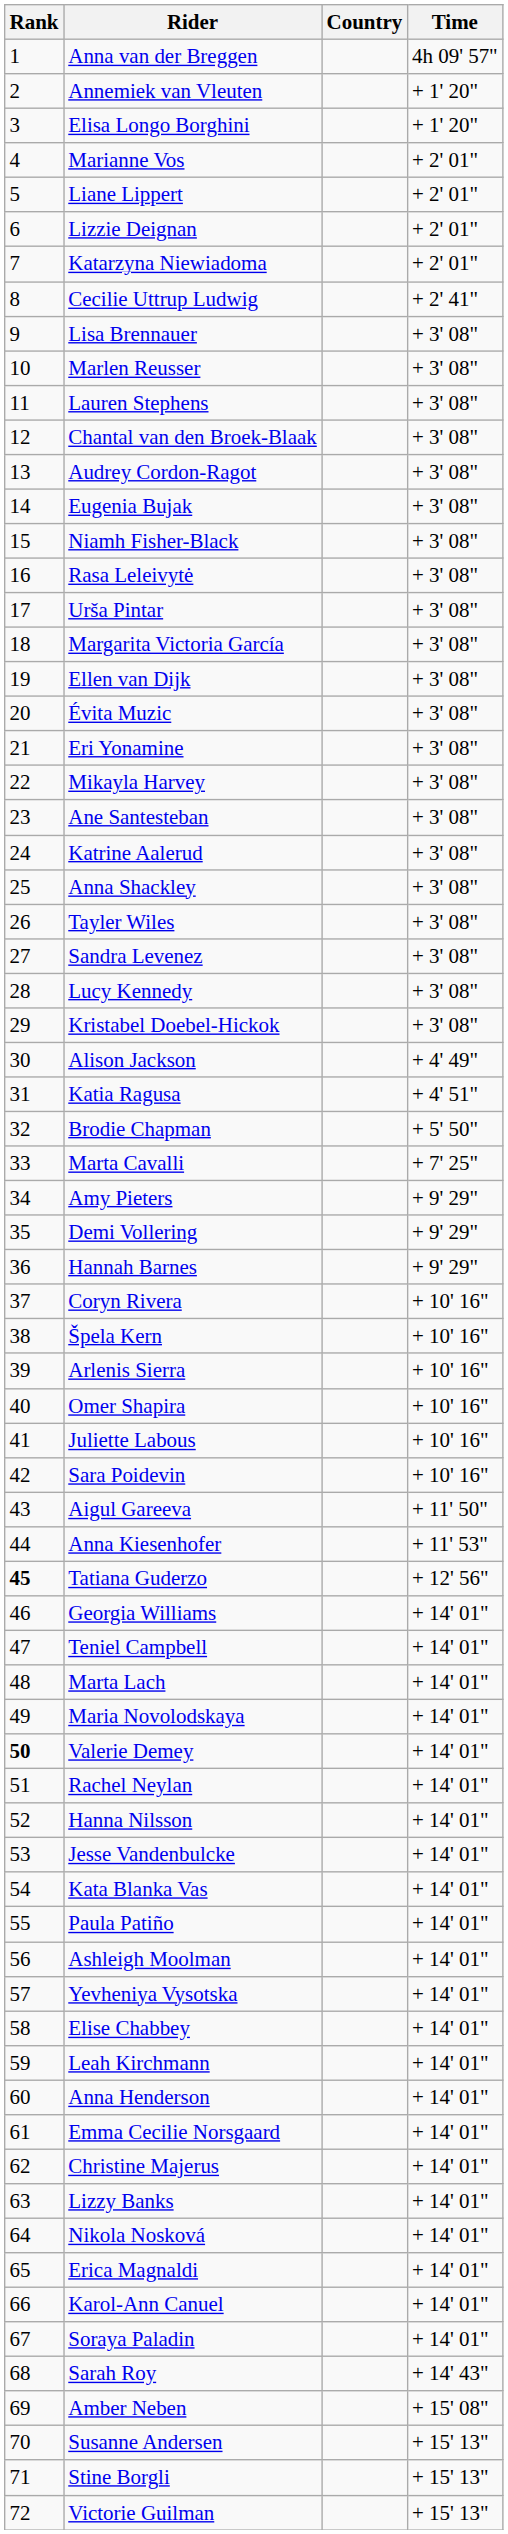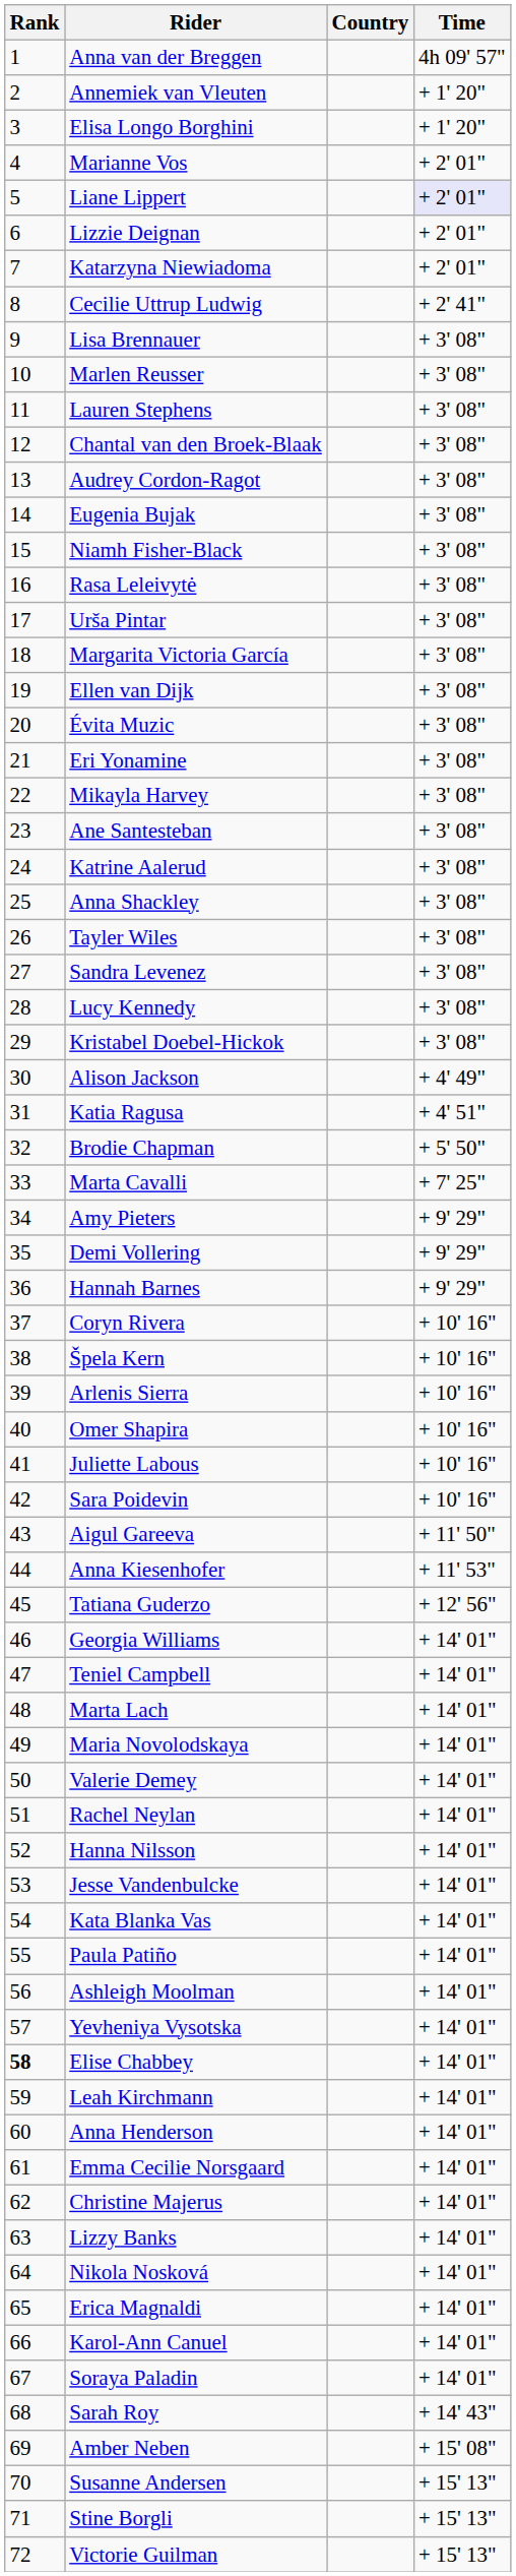 <table class="wikitable sortable" style="font-size:95%; text-align:left;">
 <tr>
 <th>Rank</th>
 <th>Rider</th>
 <th>Country</th>
 <th>Time</th>
 </tr>
 <tr>
 <td>1</td>
 <td><a href='#'>Anna van der Breggen</a></td>
 <td></td>
 <td>4h 09' 57"</td>
 </tr>
 <tr>
 <td>2</td>
 <td><a href='#'>Annemiek van Vleuten</a></td>
 <td></td>
 <td>+ 1' 20"</td>
 </tr>
 <tr>
 <td>3</td>
 <td><a href='#'>Elisa Longo Borghini</a></td>
 <td></td>
 <td>+ 1' 20"</td>
 </tr>
 <tr>
 <td>4</td>
 <td><a href='#'>Marianne Vos</a></td>
 <td></td>
 <td>+ 2' 01"</td>
 </tr>
 <tr>
 <td>5</td>
 <td><a href='#'>Liane Lippert</a></td>
 <td></td>
-<td>+ 2' 01"</td>
+<td style="background: lavender;">+ 2' 01"</td>
 </tr>
 <tr>
 <td>6</td>
 <td><a href='#'>Lizzie Deignan</a></td>
 <td></td>
 <td>+ 2' 01"</td>
 </tr>
 <tr>
 <td>7</td>
 <td><a href='#'>Katarzyna Niewiadoma</a></td>
 <td></td>
 <td>+ 2' 01"</td>
 </tr>
 <tr>
 <td>8</td>
 <td><a href='#'>Cecilie Uttrup Ludwig</a></td>
 <td></td>
 <td>+ 2' 41"</td>
 </tr>
 <tr>
 <td>9</td>
 <td><a href='#'>Lisa Brennauer</a></td>
 <td></td>
 <td>+ 3' 08"</td>
 </tr>
 <tr>
 <td>10</td>
 <td><a href='#'>Marlen Reusser</a></td>
 <td></td>
 <td>+ 3' 08"</td>
 </tr>
 <tr>
 <td>11</td>
 <td><a href='#'>Lauren Stephens</a></td>
 <td></td>
 <td>+ 3' 08"</td>
 </tr>
 <tr>
 <td>12</td>
 <td><a href='#'>Chantal van den Broek-Blaak</a></td>
 <td></td>
 <td>+ 3' 08"</td>
 </tr>
 <tr>
 <td>13</td>
 <td><a href='#'>Audrey Cordon-Ragot</a></td>
 <td></td>
 <td>+ 3' 08"</td>
 </tr>
 <tr>
 <td>14</td>
 <td><a href='#'>Eugenia Bujak</a></td>
 <td></td>
 <td>+ 3' 08"</td>
 </tr>
 <tr>
 <td>15</td>
 <td><a href='#'>Niamh Fisher-Black</a></td>
 <td></td>
 <td>+ 3' 08"</td>
 </tr>
 <tr>
 <td>16</td>
 <td><a href='#'>Rasa Leleivytė</a></td>
 <td></td>
 <td>+ 3' 08"</td>
 </tr>
 <tr>
 <td>17</td>
 <td><a href='#'>Urša Pintar</a></td>
 <td></td>
 <td>+ 3' 08"</td>
 </tr>
 <tr>
 <td>18</td>
 <td><a href='#'>Margarita Victoria García</a></td>
 <td></td>
 <td>+ 3' 08"</td>
 </tr>
 <tr>
 <td>19</td>
 <td><a href='#'>Ellen van Dijk</a></td>
 <td></td>
 <td>+ 3' 08"</td>
 </tr>
 <tr>
 <td>20</td>
 <td><a href='#'>Évita Muzic</a></td>
 <td></td>
 <td>+ 3' 08"</td>
 </tr>
 <tr>
 <td>21</td>
 <td><a href='#'>Eri Yonamine</a></td>
 <td></td>
 <td>+ 3' 08"</td>
 </tr>
 <tr>
 <td>22</td>
 <td><a href='#'>Mikayla Harvey</a></td>
 <td></td>
 <td>+ 3' 08"</td>
 </tr>
 <tr>
 <td>23</td>
 <td><a href='#'>Ane Santesteban</a></td>
 <td></td>
 <td>+ 3' 08"</td>
 </tr>
 <tr>
 <td>24</td>
 <td><a href='#'>Katrine Aalerud</a></td>
 <td></td>
 <td>+ 3' 08"</td>
 </tr>
 <tr>
 <td>25</td>
 <td><a href='#'>Anna Shackley</a></td>
 <td></td>
 <td>+ 3' 08"</td>
 </tr>
 <tr>
 <td>26</td>
 <td><a href='#'>Tayler Wiles</a></td>
 <td></td>
 <td>+ 3' 08"</td>
 </tr>
 <tr>
 <td>27</td>
 <td><a href='#'>Sandra Levenez</a></td>
 <td></td>
 <td>+ 3' 08"</td>
 </tr>
 <tr>
 <td>28</td>
 <td><a href='#'>Lucy Kennedy</a></td>
 <td></td>
 <td>+ 3' 08"</td>
 </tr>
 <tr>
 <td>29</td>
 <td><a href='#'>Kristabel Doebel-Hickok</a></td>
 <td></td>
 <td>+ 3' 08"</td>
 </tr>
 <tr>
 <td>30</td>
 <td><a href='#'>Alison Jackson</a></td>
 <td></td>
 <td>+ 4' 49"</td>
 </tr>
 <tr>
 <td>31</td>
 <td><a href='#'>Katia Ragusa</a></td>
 <td></td>
 <td>+ 4' 51"</td>
 </tr>
 <tr>
 <td>32</td>
 <td><a href='#'>Brodie Chapman</a></td>
 <td></td>
 <td>+ 5' 50"</td>
 </tr>
 <tr>
 <td>33</td>
 <td><a href='#'>Marta Cavalli</a></td>
 <td></td>
 <td>+ 7' 25"</td>
 </tr>
 <tr>
 <td>34</td>
 <td><a href='#'>Amy Pieters</a></td>
 <td></td>
 <td>+ 9' 29"</td>
 </tr>
 <tr>
 <td>35</td>
 <td><a href='#'>Demi Vollering</a></td>
 <td></td>
 <td>+ 9' 29"</td>
 </tr>
 <tr>
 <td>36</td>
 <td><a href='#'>Hannah Barnes</a></td>
 <td></td>
 <td>+ 9' 29"</td>
 </tr>
 <tr>
 <td>37</td>
 <td><a href='#'>Coryn Rivera</a></td>
 <td></td>
 <td>+ 10' 16"</td>
 </tr>
 <tr>
 <td>38</td>
 <td><a href='#'>Špela Kern</a></td>
 <td></td>
 <td>+ 10' 16"</td>
 </tr>
 <tr>
 <td>39</td>
 <td><a href='#'>Arlenis Sierra</a></td>
 <td></td>
 <td>+ 10' 16"</td>
 </tr>
 <tr>
 <td>40</td>
 <td><a href='#'>Omer Shapira</a></td>
 <td></td>
 <td>+ 10' 16"</td>
 </tr>
 <tr>
 <td>41</td>
 <td><a href='#'>Juliette Labous</a></td>
 <td></td>
 <td>+ 10' 16"</td>
 </tr>
 <tr>
 <td>42</td>
 <td><a href='#'>Sara Poidevin</a></td>
 <td></td>
 <td>+ 10' 16"</td>
 </tr>
 <tr>
 <td>43</td>
 <td><a href='#'>Aigul Gareeva</a></td>
 <td></td>
 <td>+ 11' 50"</td>
 </tr>
 <tr>
 <td>44</td>
 <td><a href='#'>Anna Kiesenhofer</a></td>
 <td></td>
 <td>+ 11' 53"</td>
 </tr>
 <tr>
-<td><strong>45</strong></td>
+<td>45</td>
 <td><a href='#'>Tatiana Guderzo</a></td>
 <td></td>
 <td>+ 12' 56"</td>
 </tr>
 <tr>
 <td>46</td>
 <td><a href='#'>Georgia Williams</a></td>
 <td></td>
 <td>+ 14' 01"</td>
 </tr>
 <tr>
 <td>47</td>
 <td><a href='#'>Teniel Campbell</a></td>
 <td></td>
 <td>+ 14' 01"</td>
 </tr>
 <tr>
 <td>48</td>
 <td><a href='#'>Marta Lach</a></td>
 <td></td>
 <td>+ 14' 01"</td>
 </tr>
 <tr>
 <td>49</td>
 <td><a href='#'>Maria Novolodskaya</a></td>
 <td></td>
 <td>+ 14' 01"</td>
 </tr>
 <tr>
-<td><strong>50</strong></td>
+<td>50</td>
 <td><a href='#'>Valerie Demey</a></td>
 <td></td>
 <td>+ 14' 01"</td>
 </tr>
 <tr>
 <td>51</td>
 <td><a href='#'>Rachel Neylan</a></td>
 <td></td>
 <td>+ 14' 01"</td>
 </tr>
 <tr>
 <td>52</td>
 <td><a href='#'>Hanna Nilsson</a></td>
 <td></td>
 <td>+ 14' 01"</td>
 </tr>
 <tr>
 <td>53</td>
 <td><a href='#'>Jesse Vandenbulcke</a></td>
 <td></td>
 <td>+ 14' 01"</td>
 </tr>
 <tr>
 <td>54</td>
 <td><a href='#'>Kata Blanka Vas</a></td>
 <td></td>
 <td>+ 14' 01"</td>
 </tr>
 <tr>
 <td>55</td>
 <td><a href='#'>Paula Patiño</a></td>
 <td></td>
 <td>+ 14' 01"</td>
 </tr>
 <tr>
 <td>56</td>
 <td><a href='#'>Ashleigh Moolman</a></td>
 <td></td>
 <td>+ 14' 01"</td>
 </tr>
 <tr>
 <td>57</td>
 <td><a href='#'>Yevheniya Vysotska</a></td>
 <td></td>
 <td>+ 14' 01"</td>
 </tr>
 <tr>
-<td>58</td>
+<td><strong>58</strong></td>
 <td><a href='#'>Elise Chabbey</a></td>
 <td></td>
 <td>+ 14' 01"</td>
 </tr>
 <tr>
 <td>59</td>
 <td><a href='#'>Leah Kirchmann</a></td>
 <td></td>
 <td>+ 14' 01"</td>
 </tr>
 <tr>
 <td>60</td>
 <td><a href='#'>Anna Henderson</a></td>
 <td></td>
 <td>+ 14' 01"</td>
 </tr>
 <tr>
 <td>61</td>
 <td><a href='#'>Emma Cecilie Norsgaard</a></td>
 <td></td>
 <td>+ 14' 01"</td>
 </tr>
 <tr>
 <td>62</td>
 <td><a href='#'>Christine Majerus</a></td>
 <td></td>
 <td>+ 14' 01"</td>
 </tr>
 <tr>
 <td>63</td>
 <td><a href='#'>Lizzy Banks</a></td>
 <td></td>
 <td>+ 14' 01"</td>
 </tr>
 <tr>
 <td>64</td>
 <td><a href='#'>Nikola Nosková</a></td>
 <td></td>
 <td>+ 14' 01"</td>
 </tr>
 <tr>
 <td>65</td>
 <td><a href='#'>Erica Magnaldi</a></td>
 <td></td>
 <td>+ 14' 01"</td>
 </tr>
 <tr>
 <td>66</td>
 <td><a href='#'>Karol-Ann Canuel</a></td>
 <td></td>
 <td>+ 14' 01"</td>
 </tr>
 <tr>
 <td>67</td>
 <td><a href='#'>Soraya Paladin</a></td>
 <td></td>
 <td>+ 14' 01"</td>
 </tr>
 <tr>
 <td>68</td>
 <td><a href='#'>Sarah Roy</a></td>
 <td></td>
 <td>+ 14' 43"</td>
 </tr>
 <tr>
 <td>69</td>
 <td><a href='#'>Amber Neben</a></td>
 <td></td>
 <td>+ 15' 08"</td>
 </tr>
 <tr>
 <td>70</td>
 <td><a href='#'>Susanne Andersen</a></td>
 <td></td>
 <td>+ 15' 13"</td>
 </tr>
 <tr>
 <td>71</td>
 <td><a href='#'>Stine Borgli</a></td>
 <td></td>
 <td>+ 15' 13"</td>
 </tr>
 <tr>
 <td>72</td>
 <td><a href='#'>Victorie Guilman</a></td>
 <td></td>
 <td>+ 15' 13"</td>
 </tr>
 </table>
